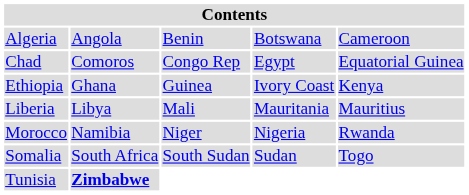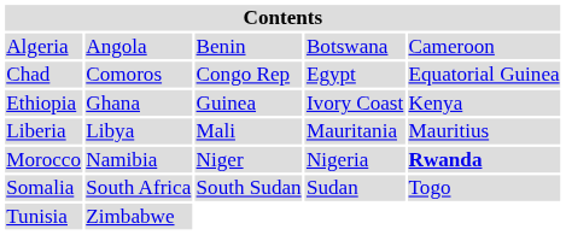 <table>
 <tr>
 <th style="background:#dddddd;" align=center colspan=5>Contents</th>
 </tr>
 <tr>
 <td style="background:#dddddd;"><a href='#'>Algeria</a></td>
 <td style="background:#dddddd;"><a href='#'>Angola</a></td>
 <td style="background:#dddddd;"><a href='#'>Benin</a></td>
 <td style="background:#dddddd;"><a href='#'>Botswana</a></td>
 <td style="background:#dddddd;"><a href='#'>Cameroon</a></td>
 </tr>
 <tr>
 <td style="background:#dddddd;"><a href='#'>Chad</a></td>
 <td style="background:#dddddd;"><a href='#'>Comoros</a></td>
 <td style="background:#dddddd;"><a href='#'>Congo Rep</a></td>
 <td style="background:#dddddd;"><a href='#'>Egypt</a></td>
 <td style="background:#dddddd;"><a href='#'>Equatorial Guinea</a></td>
 </tr>
 <tr>
 <td style="background:#dddddd;"><a href='#'>Ethiopia</a></td>
 <td style="background:#dddddd;"><a href='#'>Ghana</a></td>
 <td style="background:#dddddd;"><a href='#'>Guinea</a></td>
 <td style="background:#dddddd;"><a href='#'>Ivory Coast</a></td>
 <td style="background:#dddddd;"><a href='#'>Kenya</a></td>
 </tr>
 <tr>
 <td style="background:#dddddd;"><a href='#'>Liberia</a></td>
 <td style="background:#dddddd;"><a href='#'>Libya</a></td>
 <td style="background:#dddddd;"><a href='#'>Mali</a></td>
 <td style="background:#dddddd;"><a href='#'>Mauritania</a></td>
 <td style="background:#dddddd;"><a href='#'>Mauritius</a></td>
 </tr>
 <tr>
 <td style="background:#dddddd;"><a href='#'>Morocco</a></td>
 <td style="background:#dddddd;"><a href='#'>Namibia</a></td>
 <td style="background:#dddddd;"><a href='#'>Niger</a></td>
 <td style="background:#dddddd;"><a href='#'>Nigeria</a></td>
-<td style="background:#dddddd;"><a href='#'>Rwanda</a></td>
+<td style="background:#dddddd;"><strong><a href='#'>Rwanda</a></strong></td>
 </tr>
 <tr>
 <td style="background:#dddddd;"><a href='#'>Somalia</a></td>
 <td style="background:#dddddd;"><a href='#'>South Africa</a></td>
 <td style="background:#dddddd;"><a href='#'>South Sudan</a></td>
 <td style="background:#dddddd;"><a href='#'>Sudan</a></td>
 <td style="background:#dddddd;"><a href='#'>Togo</a></td>
 </tr>
 <tr>
 <td style="background:#dddddd;"><a href='#'>Tunisia</a></td>
-<td style="background:#dddddd;"><strong><a href='#'>Zimbabwe</a></strong></td>
+<td style="background:#dddddd;"><a href='#'>Zimbabwe</a></td>
 <td colspan="5"; align="center"></td>
 </tr>
 </table>
